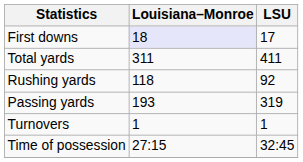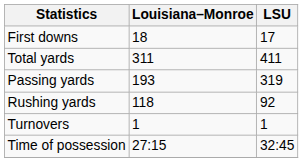 <table class="wikitable">
 <tr>
 <th>Statistics</th>
 <th>Louisiana–Monroe</th>
 <th>LSU</th>
 </tr>
 <tr>
 <td>First downs</td>
-<td style="background: lavender;">18</td>
+<td>18</td>
 <td>17</td>
 </tr>
 <tr>
 <td>Total yards</td>
 <td>311</td>
 <td>411</td>
 </tr>
 <tr>
+<td>Passing yards</td>
+<td>193</td>
+<td>319</td>
+</tr>
+<tr>
 <td>Rushing yards</td>
 <td>118</td>
 <td>92</td>
-</tr>
-<tr>
-<td>Passing yards</td>
-<td>193</td>
-<td>319</td>
 </tr>
 <tr>
 <td>Turnovers</td>
 <td>1</td>
 <td>1</td>
 </tr>
 <tr>
 <td>Time of possession</td>
 <td>27:15</td>
 <td>32:45</td>
 </tr>
 <tr>
 </tr>
 </table>
